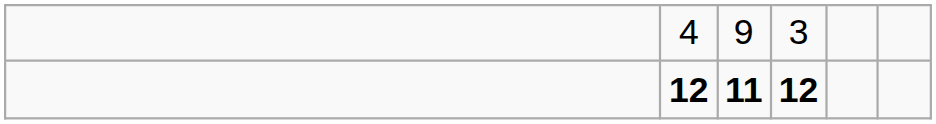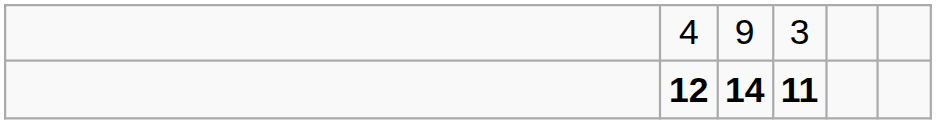 <table class="wikitable">
 <tr>
 <td style="width:18em"></td>
 <td align=center style="width:1em">4</td>
 <td align=center style="width:1em">9</td>
 <td align=center style="width:1em">3</td>
 <td align=center style="width:1em"></td>
 <td align=center style="width:1em"></td>
 </tr>
 <tr>
 <td style="width:18em"></td>
 <td align=center style="width:1em"><strong>12</strong></td>
+<td align=center style="width:1em"><strong>14</strong></td>
 <td align=center style="width:1em"><strong>11</strong></td>
-<td align=center style="width:1em"><strong>12</strong></td>
 <td align=center style="width:1em"></td>
 <td align=center style="width:1em"></td>
 </tr>
 </table>
